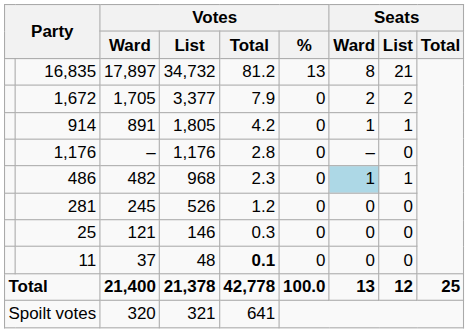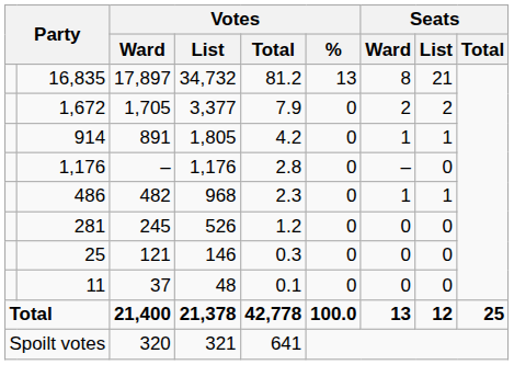 <table class=wikitable style="text-align:right">
 <tr>
 <th rowspan="2" colspan="2">Party</th>
 <th colspan="4" align="center">Votes</th>
 <th colspan="3" align="center">Seats</th>
 </tr>
 <tr>
 <th>Ward</th>
 <th>List</th>
 <th>Total</th>
 <th>%</th>
 <th>Ward</th>
 <th>List</th>
 <th>Total</th>
 </tr>
 <tr>
 <td></td>
 <td>16,835</td>
 <td>17,897</td>
 <td>34,732</td>
 <td>81.2</td>
 <td>13</td>
 <td>8</td>
 <td>21</td>
 </tr>
 <tr>
 <td></td>
 <td>1,672</td>
 <td>1,705</td>
 <td>3,377</td>
 <td>7.9</td>
 <td>0</td>
 <td>2</td>
 <td>2</td>
 </tr>
 <tr>
 <td></td>
 <td>914</td>
 <td>891</td>
 <td>1,805</td>
 <td>4.2</td>
 <td>0</td>
 <td>1</td>
 <td>1</td>
 </tr>
 <tr>
 <td></td>
 <td>1,176</td>
 <td>–</td>
 <td>1,176</td>
 <td>2.8</td>
 <td>0</td>
 <td>–</td>
 <td>0</td>
 </tr>
 <tr>
 <td></td>
 <td>486</td>
 <td>482</td>
 <td>968</td>
 <td>2.3</td>
 <td>0</td>
-<td style="background: lightblue;">1</td>
+<td>1</td>
 <td>1</td>
 </tr>
 <tr>
 <td></td>
 <td>281</td>
 <td>245</td>
 <td>526</td>
 <td>1.2</td>
 <td>0</td>
 <td>0</td>
 <td>0</td>
 </tr>
 <tr>
 <td></td>
 <td>25</td>
 <td>121</td>
 <td>146</td>
 <td>0.3</td>
 <td>0</td>
 <td>0</td>
 <td>0</td>
 </tr>
 <tr>
 <td></td>
 <td>11</td>
 <td>37</td>
 <td>48</td>
-<td><strong>0.1</strong></td>
+<td>0.1</td>
 <td>0</td>
 <td>0</td>
 <td>0</td>
 </tr>
 <tr>
 <td colspan="2" style="text-align:left"><strong>Total</strong></td>
 <td><strong>21,400</strong></td>
 <td><strong>21,378</strong></td>
 <td><strong>42,778</strong></td>
 <td><strong>100.0</strong></td>
 <td><strong>13</strong></td>
 <td><strong>12</strong></td>
 <td><strong>25</strong></td>
 </tr>
 <tr>
 <td colspan="2" style="text-align:left">Spoilt votes</td>
 <td>320</td>
 <td>321</td>
 <td>641</td>
 </tr>
 </table>
